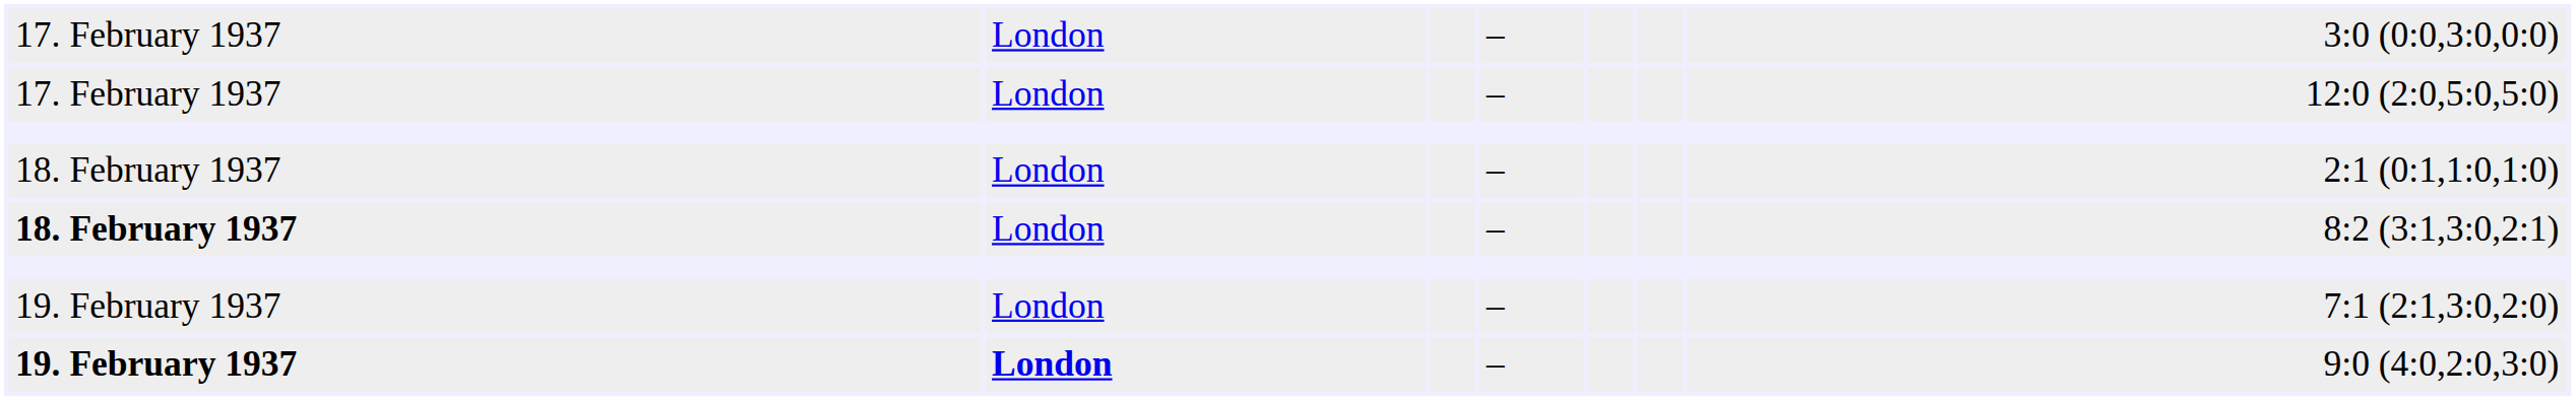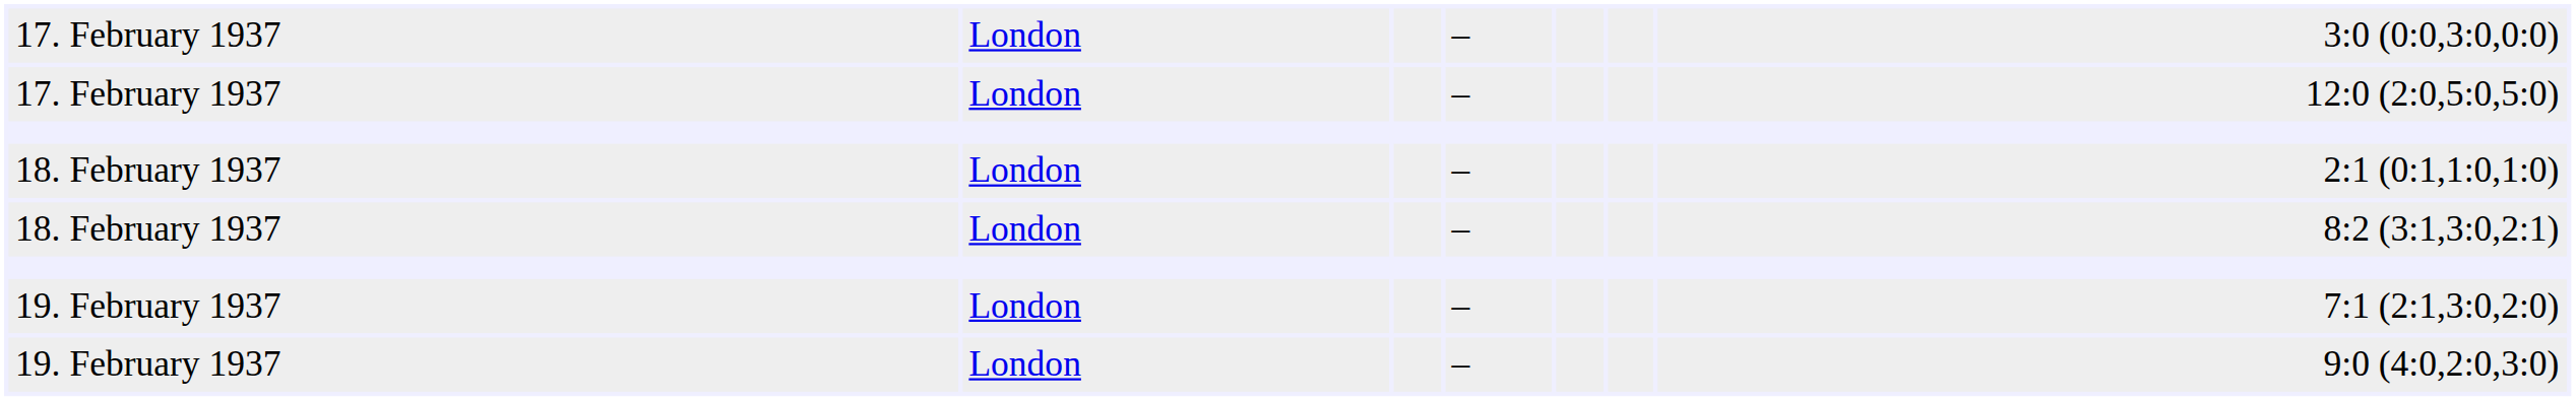 <table cellspacing="2" border="0" cellpadding="3" bgcolor="#EFEFFF" width="90%">
 <tr>
 <td bgcolor="#EEEEEE">17. February 1937</td>
 <td bgcolor="#EEEEEE"><a href='#'>London</a></td>
 <td bgcolor="#EEEEEE"></td>
 <td bgcolor="#EEEEEE">–</td>
 <td bgcolor="#EEEEEE"></td>
 <td bgcolor="#EEEEEE"></td>
 <td bgcolor="#EEEEEE" align="right">3:0 (0:0,3:0,0:0)</td>
 </tr>
 <tr>
 <td bgcolor="#EEEEEE">17. February 1937</td>
 <td bgcolor="#EEEEEE"><a href='#'>London</a></td>
 <td bgcolor="#EEEEEE"></td>
 <td bgcolor="#EEEEEE">–</td>
 <td bgcolor="#EEEEEE"></td>
 <td bgcolor="#EEEEEE"></td>
 <td bgcolor="#EEEEEE" align="right">12:0 (2:0,5:0,5:0)</td>
 </tr>
 <tr>
 <td></td>
 </tr>
 <tr>
 <td bgcolor="#EEEEEE">18. February 1937</td>
 <td bgcolor="#EEEEEE"><a href='#'>London</a></td>
 <td bgcolor="#EEEEEE"></td>
 <td bgcolor="#EEEEEE">–</td>
 <td bgcolor="#EEEEEE"></td>
 <td bgcolor="#EEEEEE"></td>
 <td bgcolor="#EEEEEE" align="right">2:1 (0:1,1:0,1:0)</td>
 </tr>
 <tr>
-<td bgcolor="#EEEEEE"><strong>18. February 1937</strong></td>
+<td bgcolor="#EEEEEE">18. February 1937</td>
 <td bgcolor="#EEEEEE"><a href='#'>London</a></td>
 <td bgcolor="#EEEEEE"></td>
 <td bgcolor="#EEEEEE">–</td>
 <td bgcolor="#EEEEEE"></td>
 <td bgcolor="#EEEEEE"></td>
 <td bgcolor="#EEEEEE" align="right">8:2 (3:1,3:0,2:1)</td>
 </tr>
 <tr>
 <td></td>
 </tr>
 <tr>
 <td bgcolor="#EEEEEE">19. February 1937</td>
 <td bgcolor="#EEEEEE"><a href='#'>London</a></td>
 <td bgcolor="#EEEEEE"></td>
 <td bgcolor="#EEEEEE">–</td>
 <td bgcolor="#EEEEEE"></td>
 <td bgcolor="#EEEEEE"></td>
 <td bgcolor="#EEEEEE" align="right">7:1 (2:1,3:0,2:0)</td>
 </tr>
 <tr>
-<td bgcolor="#EEEEEE"><strong>19. February 1937</strong></td>
-<td bgcolor="#EEEEEE"><strong><a href='#'>London</a></strong></td>
+<td bgcolor="#EEEEEE">19. February 1937</td>
+<td bgcolor="#EEEEEE"><a href='#'>London</a></td>
 <td bgcolor="#EEEEEE"></td>
 <td bgcolor="#EEEEEE">–</td>
 <td bgcolor="#EEEEEE"></td>
 <td bgcolor="#EEEEEE"></td>
 <td bgcolor="#EEEEEE" align="right">9:0 (4:0,2:0,3:0)</td>
 </tr>
 </table>
